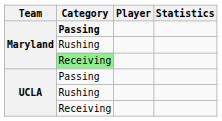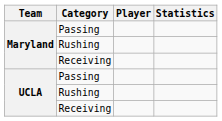 <table class="wikitable" style="float:right">
 <tr>
 <th>Team</th>
 <th>Category</th>
 <th>Player</th>
 <th>Statistics</th>
 </tr>
 <tr>
 <th rowspan=3>Maryland</th>
-<td><strong>Passing</strong></td>
+<td>Passing</td>
 <td></td>
 <td></td>
 </tr>
 <tr>
 <td>Rushing</td>
 <td></td>
 <td></td>
 </tr>
 <tr>
-<td style="background: lightgreen;">Receiving</td>
+<td>Receiving</td>
 <td></td>
 <td></td>
 </tr>
 <tr>
 <th rowspan=3>UCLA</th>
 <td>Passing</td>
 <td></td>
 <td></td>
 </tr>
 <tr>
 <td>Rushing</td>
 <td></td>
 <td></td>
 </tr>
 <tr>
 <td>Receiving</td>
 <td></td>
 <td></td>
 </tr>
 </table>
